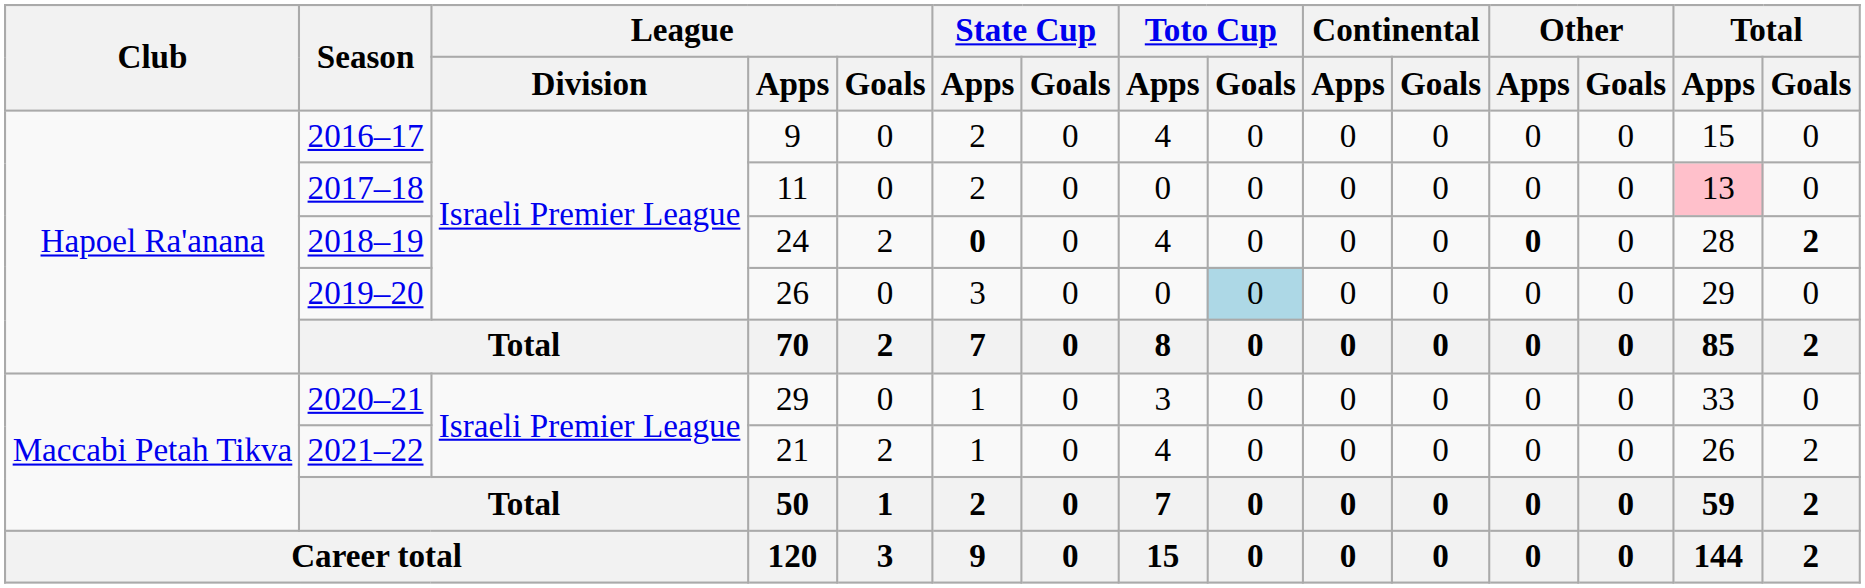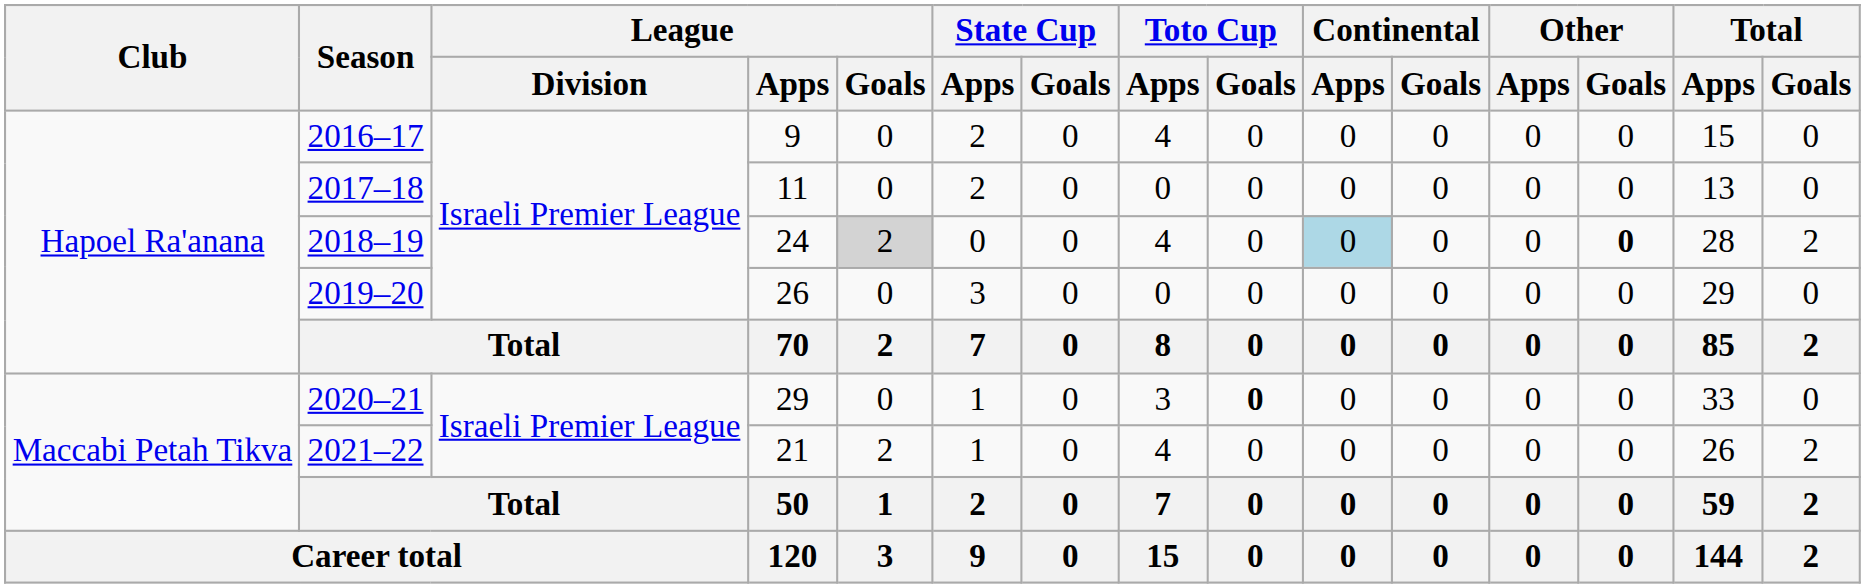 <table class="wikitable" style="text-align: center">
 <tr>
 <th rowspan="2">Club</th>
 <th rowspan="2">Season</th>
 <th colspan="3">League</th>
 <th colspan="2"><a href='#'>State Cup</a></th>
 <th colspan="2"><a href='#'>Toto Cup</a></th>
 <th colspan="2">Continental</th>
 <th colspan="2">Other</th>
 <th colspan="2">Total</th>
 </tr>
 <tr>
 <th>Division</th>
 <th>Apps</th>
 <th>Goals</th>
 <th>Apps</th>
 <th>Goals</th>
 <th>Apps</th>
 <th>Goals</th>
 <th>Apps</th>
 <th>Goals</th>
 <th>Apps</th>
 <th>Goals</th>
 <th>Apps</th>
 <th>Goals</th>
 </tr>
 <tr>
 <td rowspan="5"><a href='#'>Hapoel Ra'anana</a></td>
 <td><a href='#'>2016–17</a></td>
 <td rowspan="4"><a href='#'>Israeli Premier League</a></td>
 <td>9</td>
 <td>0</td>
 <td>2</td>
 <td>0</td>
 <td>4</td>
 <td>0</td>
 <td>0</td>
 <td>0</td>
 <td>0</td>
 <td>0</td>
 <td>15</td>
 <td>0</td>
 </tr>
 <tr>
 <td><a href='#'>2017–18</a></td>
 <td>11</td>
 <td>0</td>
 <td>2</td>
 <td>0</td>
 <td>0</td>
 <td>0</td>
 <td>0</td>
 <td>0</td>
 <td>0</td>
 <td>0</td>
-<td style="background: pink;">13</td>
+<td>13</td>
 <td>0</td>
 </tr>
 <tr>
 <td><a href='#'>2018–19</a></td>
 <td>24</td>
-<td>2</td>
-<td><strong>0</strong></td>
+<td style="background: lightgrey;">2</td>
+<td>0</td>
 <td>0</td>
 <td>4</td>
 <td>0</td>
+<td style="background: lightblue;">0</td>
 <td>0</td>
 <td>0</td>
 <td><strong>0</strong></td>
-<td>0</td>
 <td>28</td>
-<td><strong>2</strong></td>
+<td>2</td>
 </tr>
 <tr>
 <td><a href='#'>2019–20</a></td>
 <td>26</td>
 <td>0</td>
 <td>3</td>
 <td>0</td>
 <td>0</td>
-<td style="background: lightblue;">0</td>
+<td>0</td>
 <td>0</td>
 <td>0</td>
 <td>0</td>
 <td>0</td>
 <td>29</td>
 <td>0</td>
 </tr>
 <tr>
 <th colspan="2">Total</th>
 <th>70</th>
 <th>2</th>
 <th>7</th>
 <th>0</th>
 <th>8</th>
 <th>0</th>
 <th>0</th>
 <th>0</th>
 <th>0</th>
 <th>0</th>
 <th>85</th>
 <th>2</th>
 </tr>
 <tr>
 <td rowspan="3"><a href='#'>Maccabi Petah Tikva</a></td>
 <td><a href='#'>2020–21</a></td>
 <td rowspan="2"><a href='#'>Israeli Premier League</a></td>
 <td>29</td>
 <td>0</td>
 <td>1</td>
 <td>0</td>
 <td>3</td>
-<td>0</td>
+<td><strong>0</strong></td>
 <td>0</td>
 <td>0</td>
 <td>0</td>
 <td>0</td>
 <td>33</td>
 <td>0</td>
 </tr>
 <tr>
 <td><a href='#'>2021–22</a></td>
 <td>21</td>
 <td>2</td>
 <td>1</td>
 <td>0</td>
 <td>4</td>
 <td>0</td>
 <td>0</td>
 <td>0</td>
 <td>0</td>
 <td>0</td>
 <td>26</td>
 <td>2</td>
 </tr>
 <tr>
 <th colspan="2">Total</th>
 <th>50</th>
 <th>1</th>
 <th>2</th>
 <th>0</th>
 <th>7</th>
 <th>0</th>
 <th>0</th>
 <th>0</th>
 <th>0</th>
 <th>0</th>
 <th>59</th>
 <th>2</th>
 </tr>
 <tr>
 <th colspan="3"><strong>Career total</strong></th>
 <th>120</th>
 <th>3</th>
 <th>9</th>
 <th>0</th>
 <th>15</th>
 <th>0</th>
 <th>0</th>
 <th>0</th>
 <th>0</th>
 <th>0</th>
 <th>144</th>
 <th>2</th>
 </tr>
 </table>
